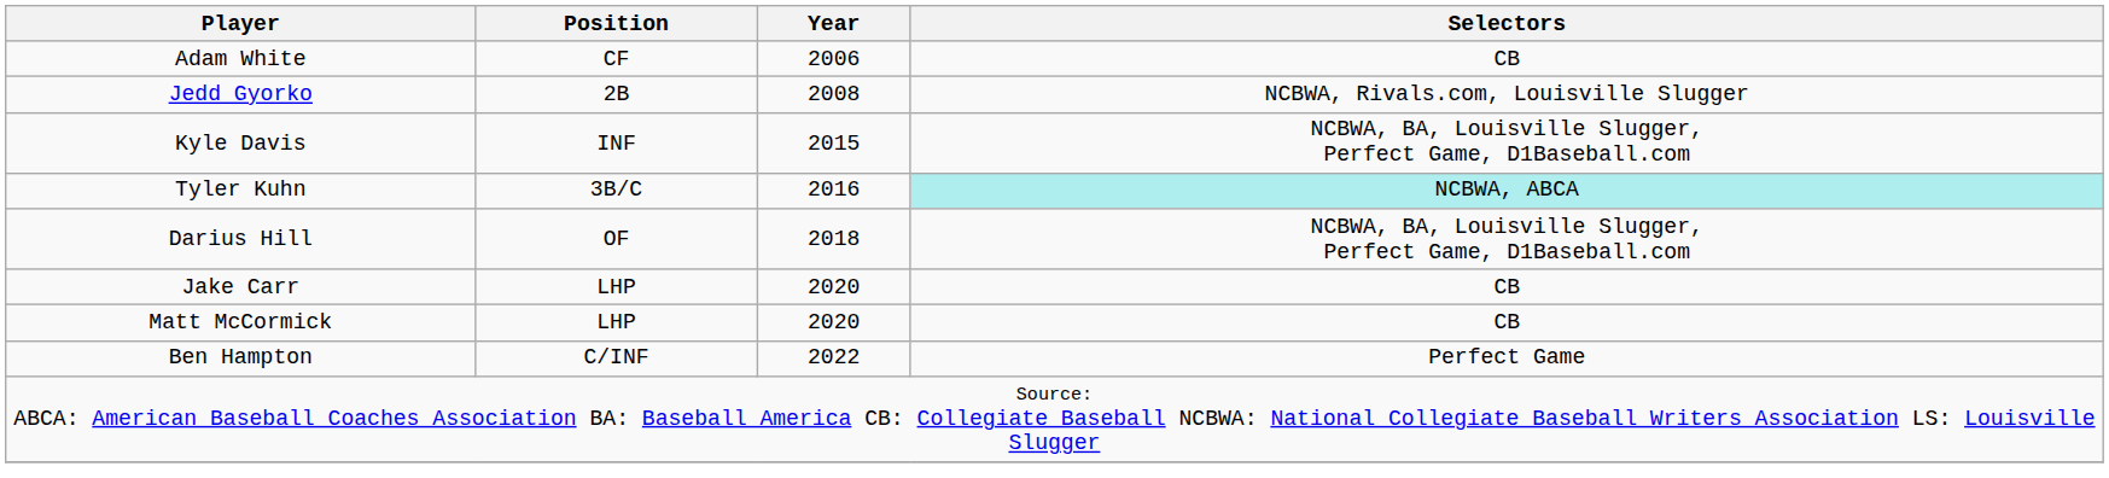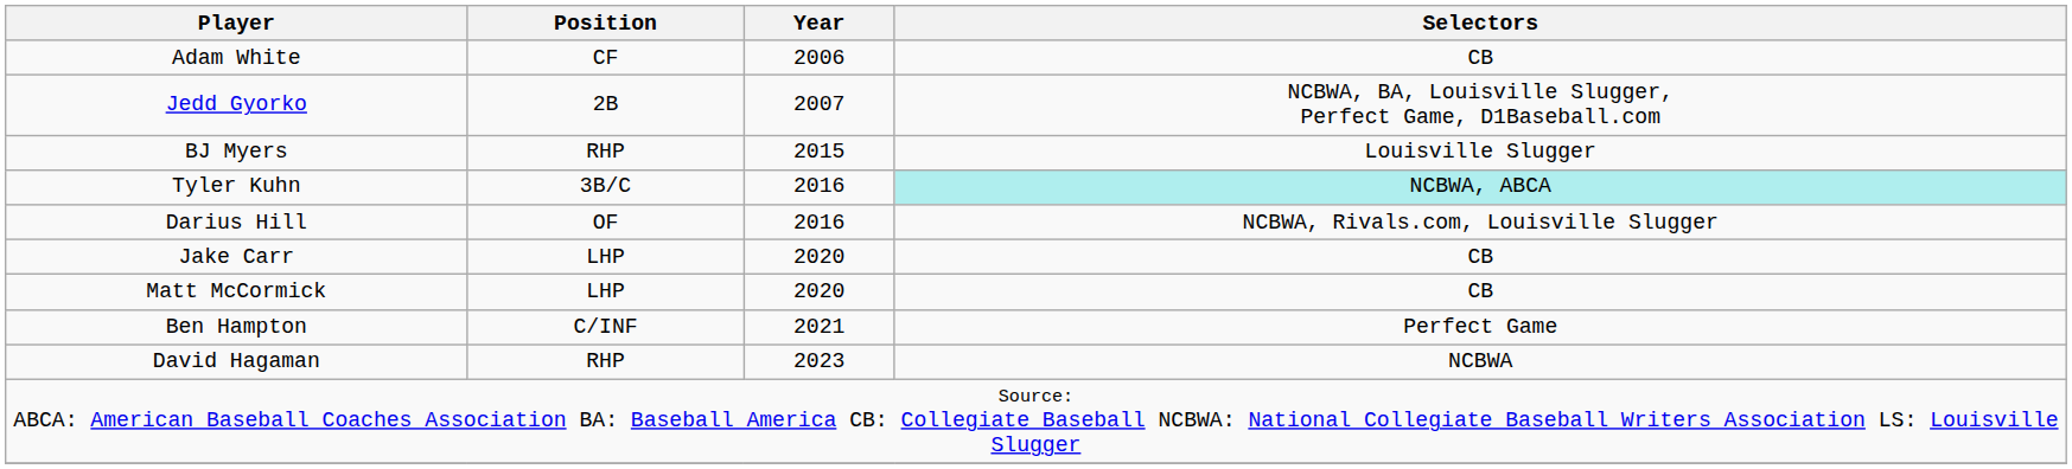 <table class="wikitable">
 <tr>
 <th>Player</th>
 <th>Position</th>
 <th>Year</th>
 <th>Selectors</th>
 </tr>
 <tr style="text-align:center;">
 <td>Adam White</td>
 <td>CF</td>
 <td>2006</td>
 <td>CB</td>
 </tr>
 <tr style="text-align:center;">
 <td><a href='#'>Jedd Gyorko</a></td>
 <td>2B</td>
-<td>2008</td>
-<td>NCBWA, Rivals.com, Louisville Slugger</td>
+<td>2007</td>
+<td>NCBWA, BA, Louisville Slugger,<br> Perfect Game, D1Baseball.com</td>
 </tr>
 <tr style="text-align:center;">
-<td>Kyle Davis</td>
-<td>INF</td>
+<td>BJ Myers</td>
+<td>RHP</td>
 <td>2015</td>
-<td>NCBWA, BA, Louisville Slugger,<br> Perfect Game, D1Baseball.com</td>
+<td>Louisville Slugger</td>
 </tr>
 <tr style="text-align:center;">
 <td>Tyler Kuhn</td>
 <td>3B/C</td>
 <td>2016</td>
 <td style="background: paleturquoise;">NCBWA, ABCA</td>
 </tr>
 <tr style="text-align:center;">
 <td>Darius Hill</td>
 <td>OF</td>
-<td>2018</td>
-<td>NCBWA, BA, Louisville Slugger,<br> Perfect Game, D1Baseball.com</td>
+<td>2016</td>
+<td>NCBWA, Rivals.com, Louisville Slugger</td>
 </tr>
 <tr style="text-align:center;">
 <td>Jake Carr</td>
 <td>LHP</td>
 <td>2020</td>
 <td>CB</td>
 </tr>
 <tr style="text-align:center;">
 <td>Matt McCormick</td>
 <td>LHP</td>
 <td>2020</td>
 <td>CB</td>
 </tr>
 <tr style="text-align:center;">
 <td>Ben Hampton</td>
 <td>C/INF</td>
-<td>2022</td>
+<td>2021</td>
 <td>Perfect Game</td>
+</tr>
+<tr style="text-align:center;">
+<td>David Hagaman</td>
+<td>RHP</td>
+<td>2023</td>
+<td>NCBWA</td>
 </tr>
 <tr style="text-align:center;">
 <td colspan=4><small>Source:</small><small> </small><br>ABCA: <a href='#'>American Baseball Coaches Association</a> BA: <a href='#'>Baseball America</a> CB: <a href='#'>Collegiate Baseball</a> NCBWA: <a href='#'>National Collegiate Baseball Writers Association</a> LS: <a href='#'>Louisville Slugger</a></td>
 </tr>
 <tr>
 </tr>
 </table>
